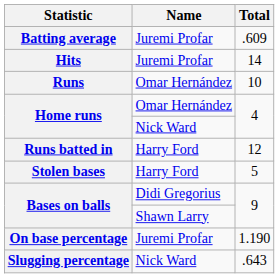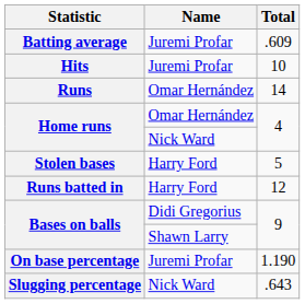 <table class="wikitable plainrowheaders">
 <tr>
 <th scope="col">Statistic</th>
 <th scope="col">Name</th>
 <th scope="col">Total</th>
 </tr>
 <tr>
 <th scope="row"><a href='#'>Batting average</a></th>
 <td> <a href='#'>Juremi Profar</a></td>
 <td align=center>.609</td>
 </tr>
 <tr>
 <th scope="row"><a href='#'>Hits</a></th>
 <td> <a href='#'>Juremi Profar</a></td>
-<td align=center>14</td>
+<td align=center>10</td>
 </tr>
 <tr>
 <th scope="row"><a href='#'>Runs</a></th>
 <td> <a href='#'>Omar Hernández</a></td>
-<td align=center>10</td>
+<td align=center>14</td>
 </tr>
 <tr>
 <th scope="row" rowspan="2"><a href='#'>Home runs</a></th>
 <td> <a href='#'>Omar Hernández</a></td>
 <td align=center rowspan="2">4</td>
 </tr>
 <tr>
 <td> <a href='#'>Nick Ward</a></td>
 </tr>
 <tr>
+<th scope="row"><a href='#'>Stolen bases</a></th>
+<td> <a href='#'>Harry Ford</a></td>
+<td align=center>5</td>
+</tr>
+<tr>
 <th scope="row"><a href='#'>Runs batted in</a></th>
 <td> <a href='#'>Harry Ford</a></td>
 <td align=center>12</td>
-</tr>
-<tr>
-<th scope="row"><a href='#'>Stolen bases</a></th>
-<td> <a href='#'>Harry Ford</a></td>
-<td align=center>5</td>
 </tr>
 <tr>
 <th scope="row" rowspan="2"><a href='#'>Bases on balls</a></th>
 <td> <a href='#'>Didi Gregorius</a></td>
 <td align=center rowspan="2">9</td>
 </tr>
 <tr>
 <td> <a href='#'>Shawn Larry</a></td>
 </tr>
 <tr>
 <th scope="row"><a href='#'>On base percentage</a></th>
 <td> <a href='#'>Juremi Profar</a></td>
 <td align=center>1.190</td>
 </tr>
 <tr>
 <th scope="row"><a href='#'>Slugging percentage</a></th>
 <td> <a href='#'>Nick Ward</a></td>
 <td align=center>.643</td>
 </tr>
 </table>
